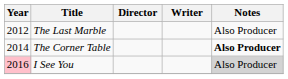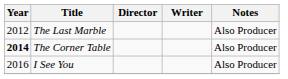 <table class="wikitable">
 <tr>
 <th>Year</th>
 <th>Title</th>
 <th width=65>Director</th>
 <th width=65>Writer</th>
 <th>Notes</th>
 </tr>
 <tr>
 <td>2012</td>
 <td><em>The Last Marble</em></td>
 <td></td>
 <td></td>
 <td>Also Producer</td>
 </tr>
 <tr>
-<td>2014</td>
+<td><strong>2014</strong></td>
 <td><em>The Corner Table</em></td>
 <td></td>
 <td></td>
-<td><strong>Also Producer</strong></td>
+<td>Also Producer</td>
 </tr>
 <tr>
-<td style="background: pink;">2016</td>
+<td>2016</td>
 <td><em>I See You</em></td>
 <td></td>
 <td></td>
-<td style="background: lightgrey;">Also Producer</td>
+<td>Also Producer</td>
 </tr>
 <tr>
 </tr>
 </table>
